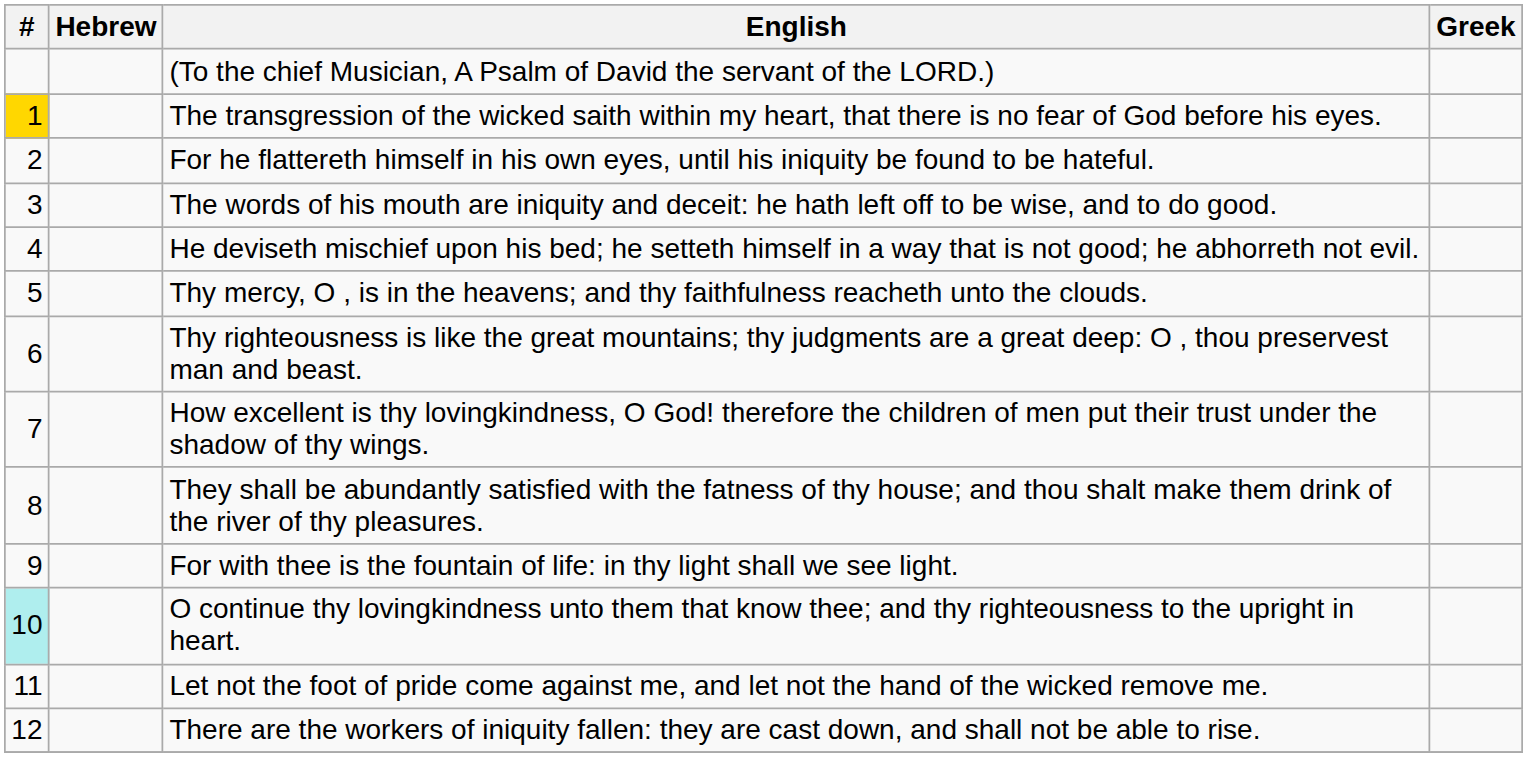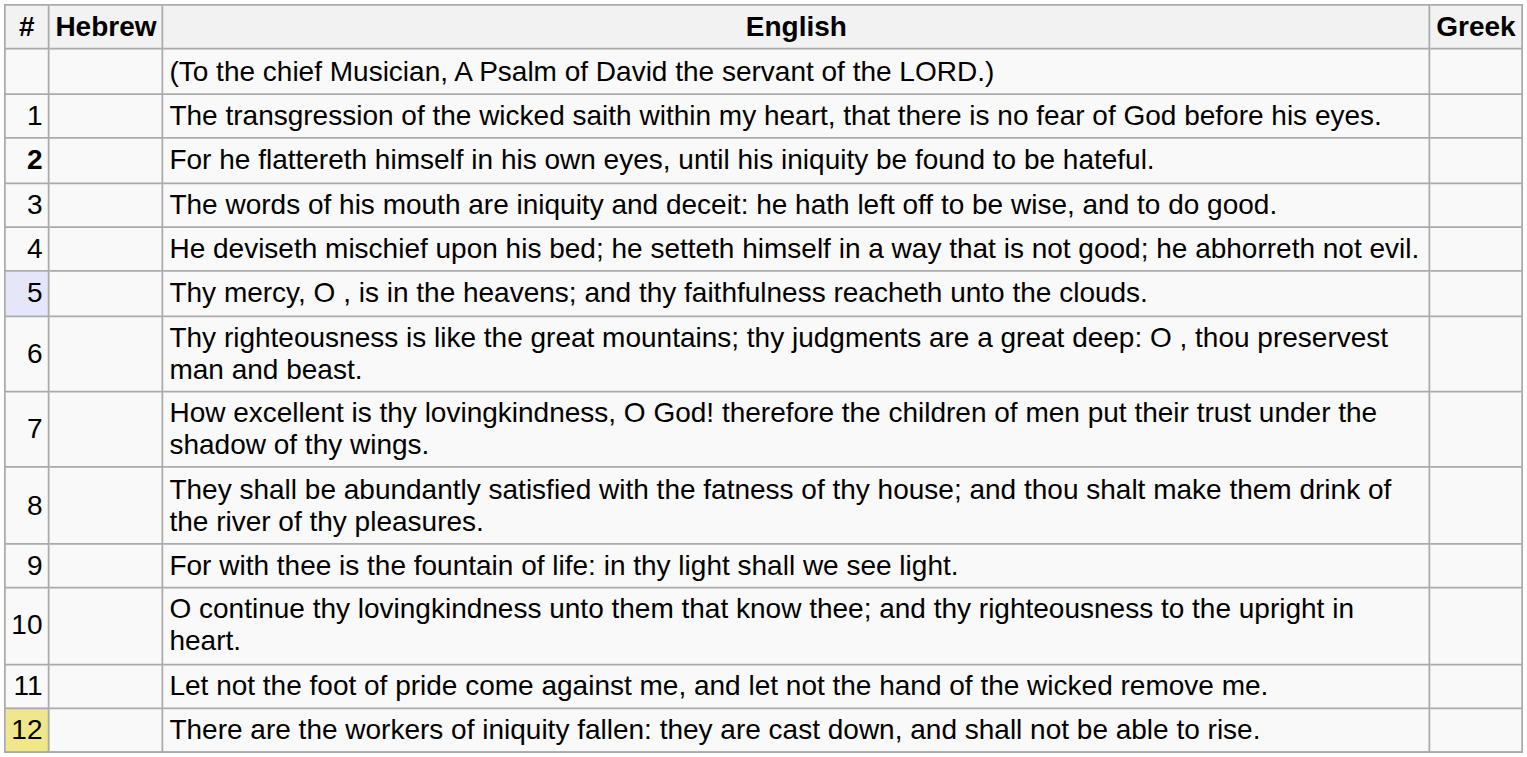 <table class=wikitable>
 <tr>
 <th>#</th>
 <th>Hebrew</th>
 <th>English</th>
 <th>Greek</th>
 </tr>
 <tr>
 <td style="text-align:right"></td>
 <td style="text-align:right"></td>
 <td>(To the chief Musician, A Psalm of David the servant of the LORD.)</td>
 <td></td>
 </tr>
 <tr>
-<td style="background: gold; text-align:right">1</td>
+<td style="text-align:right">1</td>
 <td style="text-align:right"></td>
 <td>The transgression of the wicked saith within my heart, that there is no fear of God before his eyes.</td>
 <td></td>
 </tr>
 <tr>
-<td style="text-align:right">2</td>
+<td style="text-align:right"><strong>2</strong></td>
 <td style="text-align:right"></td>
 <td>For he flattereth himself in his own eyes, until his iniquity be found to be hateful.</td>
 <td></td>
 </tr>
 <tr>
 <td style="text-align:right">3</td>
 <td style="text-align:right"></td>
 <td>The words of his mouth are iniquity and deceit: he hath left off to be wise, and to do good.</td>
 <td></td>
 </tr>
 <tr>
 <td style="text-align:right">4</td>
 <td style="text-align:right"></td>
 <td>He deviseth mischief upon his bed; he setteth himself in a way that is not good; he abhorreth not evil.</td>
 <td></td>
 </tr>
 <tr>
-<td style="text-align:right">5</td>
+<td style="background: lavender; text-align:right">5</td>
 <td style="text-align:right"></td>
 <td>Thy mercy, O , is in the heavens; and thy faithfulness reacheth unto the clouds.</td>
 <td></td>
 </tr>
 <tr>
 <td style="text-align:right">6</td>
 <td style="text-align:right"></td>
 <td>Thy righteousness is like the great mountains; thy judgments are a great deep: O , thou preservest man and beast.</td>
 <td></td>
 </tr>
 <tr>
 <td style="text-align:right">7</td>
 <td style="text-align:right"></td>
 <td>How excellent is thy lovingkindness, O God! therefore the children of men put their trust under the shadow of thy wings.</td>
 <td></td>
 </tr>
 <tr>
 <td style="text-align:right">8</td>
 <td style="text-align:right"></td>
 <td>They shall be abundantly satisfied with the fatness of thy house; and thou shalt make them drink of the river of thy pleasures.</td>
 <td></td>
 </tr>
 <tr>
 <td style="text-align:right">9</td>
 <td style="text-align:right"></td>
 <td>For with thee is the fountain of life: in thy light shall we see light.</td>
 <td></td>
 </tr>
 <tr>
-<td style="background: paleturquoise; text-align:right">10</td>
+<td style="text-align:right">10</td>
 <td style="text-align:right"></td>
 <td>O continue thy lovingkindness unto them that know thee; and thy righteousness to the upright in heart.</td>
 <td></td>
 </tr>
 <tr>
 <td style="text-align:right">11</td>
 <td style="text-align:right"></td>
 <td>Let not the foot of pride come against me, and let not the hand of the wicked remove me.</td>
 <td></td>
 </tr>
 <tr>
-<td style="text-align:right">12</td>
+<td style="background: khaki; text-align:right">12</td>
 <td style="text-align:right"></td>
 <td>There are the workers of iniquity fallen: they are cast down, and shall not be able to rise.</td>
 <td></td>
 </tr>
 <tr>
 </tr>
 </table>
